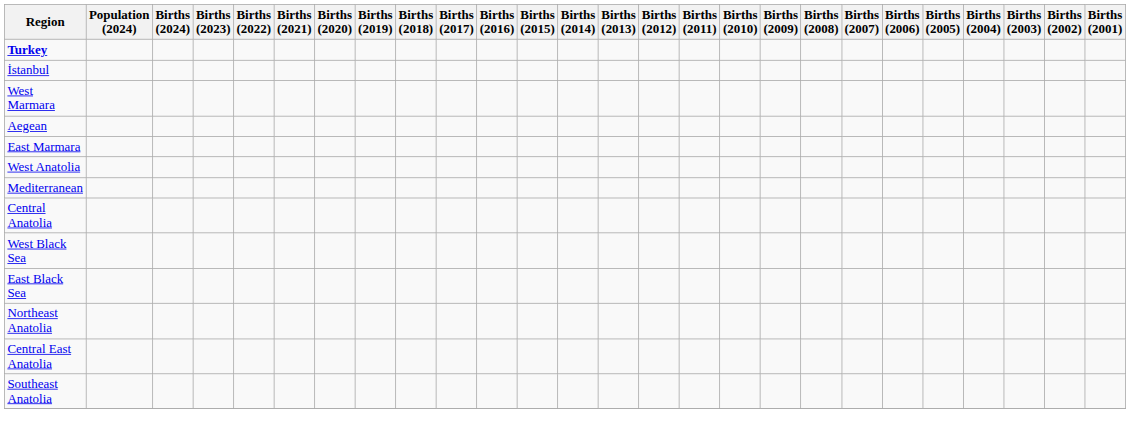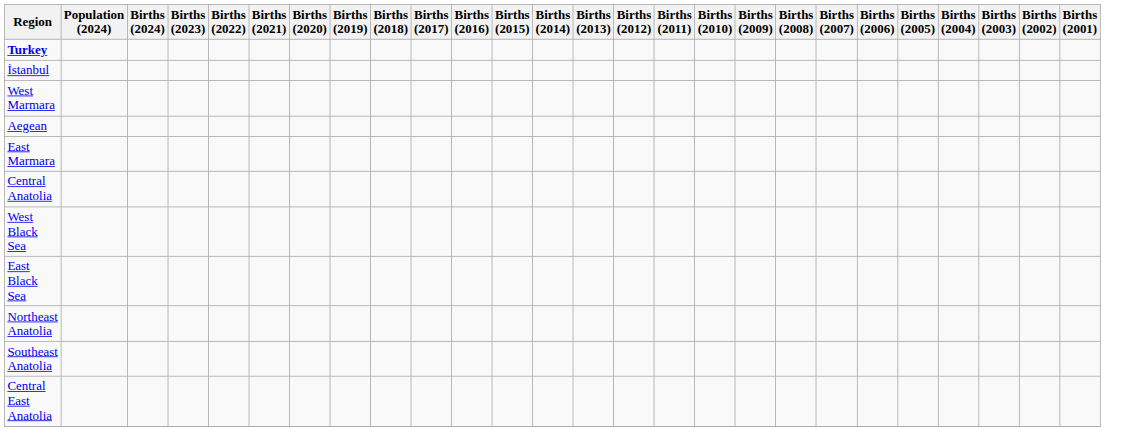 <table class="sortable wikitable" style="text-align:right;">
 <tr>
 <th>Region</th>
 <th>Population (2024)</th>
 <th style="width:72pt;">Births (2024)</th>
 <th style="width:72pt;">Births (2023)</th>
 <th style="width:72pt;">Births (2022)</th>
 <th style="width:72pt;">Births (2021)</th>
 <th style="width:72pt;">Births (2020)</th>
 <th style="width:72pt;">Births (2019)</th>
 <th style="width:72pt;">Births (2018)</th>
 <th style="width:72pt;">Births (2017)</th>
 <th style="width:72pt;">Births (2016)</th>
 <th style="width:72pt;">Births (2015)</th>
 <th style="width:72pt;">Births (2014)</th>
 <th style="width:72pt;">Births (2013)</th>
 <th style="width:72pt;">Births (2012)</th>
 <th style="width:72pt;">Births (2011)</th>
 <th style="width:72pt;">Births (2010)</th>
 <th style="width:72pt;">Births (2009)</th>
 <th style="width:72pt;">Births (2008)</th>
 <th style="width:72pt;">Births (2007)</th>
 <th style="width:72pt;">Births (2006)</th>
 <th style="width:72pt;">Births (2005)</th>
 <th style="width:72pt;">Births (2004)</th>
 <th style="width:72pt;">Births (2003)</th>
 <th style="width:72pt;">Births (2002)</th>
 <th style="width:72pt;">Births (2001)</th>
 </tr>
 <tr class="sortbottom">
 <td align="left"><strong><a href='#'>Turkey</a></strong></td>
 <td><strong></strong></td>
 <td><strong></strong></td>
 <td><strong></strong></td>
 <td><strong></strong></td>
 <td><strong></strong></td>
 <td><strong></strong></td>
 <td><strong></strong></td>
 <td><strong></strong></td>
 <td><strong></strong></td>
 <td><strong></strong></td>
 <td><strong></strong></td>
 <td><strong></strong></td>
 <td><strong></strong></td>
 <td><strong></strong></td>
 <td><strong></strong></td>
 <td><strong></strong></td>
 <td><strong></strong></td>
 <td><strong></strong></td>
 <td><strong></strong></td>
 <td><strong></strong></td>
 <td><strong></strong></td>
 <td><strong></strong></td>
 <td><strong></strong></td>
 <td><strong></strong></td>
 <td><strong></strong></td>
 </tr>
 <tr>
 <td align="left"><a href='#'>İstanbul</a></td>
 <td></td>
 <td></td>
 <td></td>
 <td></td>
 <td></td>
 <td></td>
 <td></td>
 <td></td>
 <td></td>
 <td></td>
 <td></td>
 <td></td>
 <td></td>
 <td></td>
 <td></td>
 <td></td>
 <td></td>
 <td></td>
 <td></td>
 <td></td>
 <td></td>
 <td></td>
 <td></td>
 <td></td>
 <td></td>
 </tr>
 <tr>
 <td align="left"><a href='#'>West Marmara</a></td>
 <td></td>
 <td></td>
 <td></td>
 <td></td>
 <td></td>
 <td></td>
 <td></td>
 <td></td>
 <td></td>
 <td></td>
 <td></td>
 <td></td>
 <td></td>
 <td></td>
 <td></td>
 <td></td>
 <td></td>
 <td></td>
 <td></td>
 <td></td>
 <td></td>
 <td></td>
 <td></td>
 <td></td>
 <td></td>
 </tr>
 <tr>
 <td align="left"><a href='#'>Aegean</a></td>
 <td></td>
 <td></td>
 <td></td>
 <td></td>
 <td></td>
 <td></td>
 <td></td>
 <td></td>
 <td></td>
 <td></td>
 <td></td>
 <td></td>
 <td></td>
 <td></td>
 <td></td>
 <td></td>
 <td></td>
 <td></td>
 <td></td>
 <td></td>
 <td></td>
 <td></td>
 <td></td>
 <td></td>
 <td></td>
 </tr>
 <tr>
 <td align="left"><a href='#'>East Marmara</a></td>
 <td></td>
 <td></td>
 <td></td>
 <td></td>
 <td></td>
 <td></td>
 <td></td>
 <td></td>
 <td></td>
 <td></td>
 <td></td>
 <td></td>
 <td></td>
 <td></td>
 <td></td>
 <td></td>
 <td></td>
 <td></td>
 <td></td>
 <td></td>
 <td></td>
 <td></td>
 <td></td>
 <td></td>
 <td></td>
 </tr>
 <tr>
-<td align="left"><a href='#'>West Anatolia</a></td>
-<td></td>
-<td></td>
-<td></td>
-<td></td>
-<td></td>
-<td></td>
-<td></td>
-<td></td>
-<td></td>
-<td></td>
-<td></td>
-<td></td>
-<td></td>
-<td></td>
-<td></td>
-<td></td>
-<td></td>
-<td></td>
-<td></td>
-<td></td>
-<td></td>
-<td></td>
-<td></td>
-<td></td>
-<td></td>
-</tr>
-<tr>
-<td align="left"><a href='#'>Mediterranean</a></td>
-<td></td>
-<td></td>
-<td></td>
-<td></td>
-<td></td>
-<td></td>
-<td></td>
-<td></td>
-<td></td>
-<td></td>
-<td></td>
-<td></td>
-<td></td>
-<td></td>
-<td></td>
-<td></td>
-<td></td>
-<td></td>
-<td></td>
-<td></td>
-<td></td>
-<td></td>
-<td></td>
-<td></td>
-<td></td>
-</tr>
-<tr>
 <td align="left"><a href='#'>Central Anatolia</a></td>
 <td></td>
 <td></td>
 <td></td>
 <td></td>
 <td></td>
 <td></td>
 <td></td>
 <td></td>
 <td></td>
 <td></td>
 <td></td>
 <td></td>
 <td></td>
 <td></td>
 <td></td>
 <td></td>
 <td></td>
 <td></td>
 <td></td>
 <td></td>
 <td></td>
 <td></td>
 <td></td>
 <td></td>
 <td></td>
 </tr>
 <tr>
 <td align="left"><a href='#'>West Black Sea</a></td>
 <td></td>
 <td></td>
 <td></td>
 <td></td>
 <td></td>
 <td></td>
 <td></td>
 <td></td>
 <td></td>
 <td></td>
 <td></td>
 <td></td>
 <td></td>
 <td></td>
 <td></td>
 <td></td>
 <td></td>
 <td></td>
 <td></td>
 <td></td>
 <td></td>
 <td></td>
 <td></td>
 <td></td>
 <td></td>
 </tr>
 <tr>
 <td align="left"><a href='#'>East Black Sea</a></td>
 <td></td>
 <td></td>
 <td></td>
 <td></td>
 <td></td>
 <td></td>
 <td></td>
 <td></td>
 <td></td>
 <td></td>
 <td></td>
 <td></td>
 <td></td>
 <td></td>
 <td></td>
 <td></td>
 <td></td>
 <td></td>
 <td></td>
 <td></td>
 <td></td>
 <td></td>
 <td></td>
 <td></td>
 <td></td>
 </tr>
 <tr>
 <td align="left"><a href='#'>Northeast Anatolia</a></td>
 <td></td>
 <td></td>
 <td></td>
 <td></td>
 <td></td>
 <td></td>
 <td></td>
 <td></td>
 <td></td>
 <td></td>
 <td></td>
 <td></td>
 <td></td>
 <td></td>
 <td></td>
 <td></td>
 <td></td>
 <td></td>
 <td></td>
 <td></td>
 <td></td>
 <td></td>
 <td></td>
 <td></td>
 <td></td>
 </tr>
 <tr>
-<td align="left"><a href='#'>Central East Anatolia</a></td>
+<td align="left"><a href='#'>Southeast Anatolia</a></td>
 <td></td>
 <td></td>
 <td></td>
 <td></td>
 <td></td>
 <td></td>
 <td></td>
 <td></td>
 <td></td>
 <td></td>
 <td></td>
 <td></td>
 <td></td>
 <td></td>
 <td></td>
 <td></td>
 <td></td>
 <td></td>
 <td></td>
 <td></td>
 <td></td>
 <td></td>
 <td></td>
 <td></td>
 <td></td>
 </tr>
 <tr>
-<td align="left"><a href='#'>Southeast Anatolia</a></td>
+<td align="left"><a href='#'>Central East Anatolia</a></td>
 <td></td>
 <td></td>
 <td></td>
 <td></td>
 <td></td>
 <td></td>
 <td></td>
 <td></td>
 <td></td>
 <td></td>
 <td></td>
 <td></td>
 <td></td>
 <td></td>
 <td></td>
 <td></td>
 <td></td>
 <td></td>
 <td></td>
 <td></td>
 <td></td>
 <td></td>
 <td></td>
 <td></td>
 <td></td>
 </tr>
 <tr>
 </tr>
 </table>
